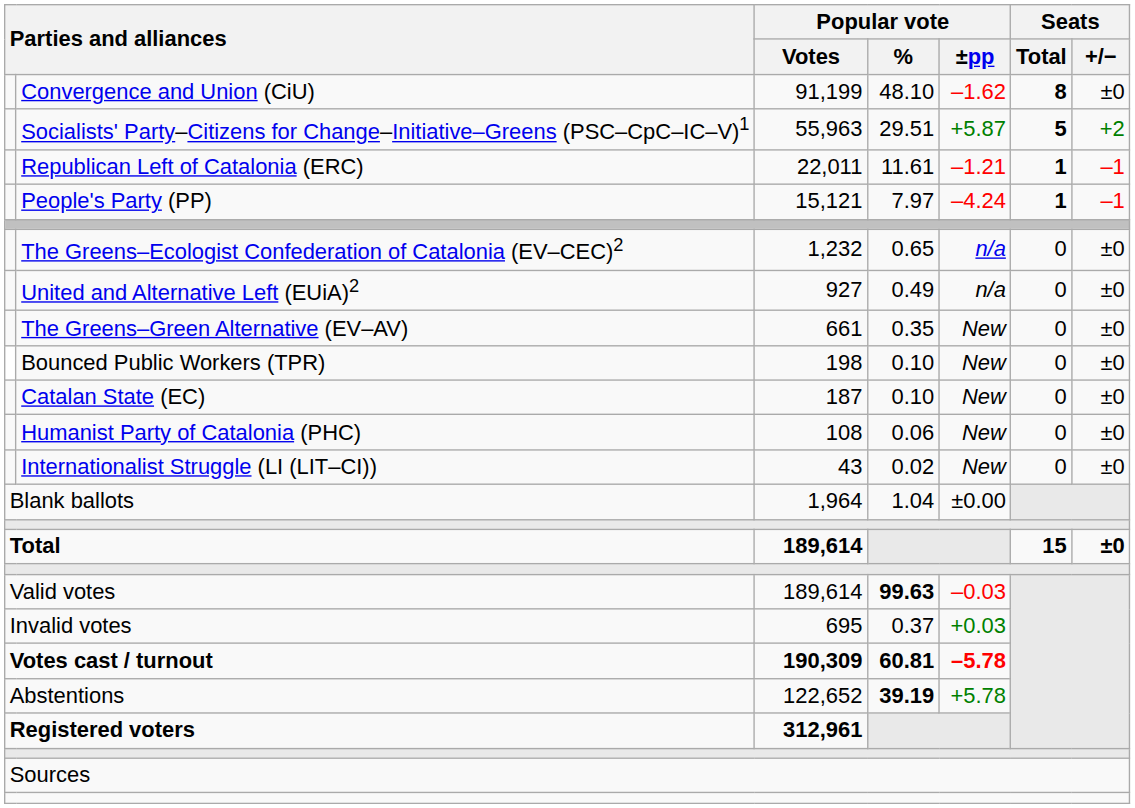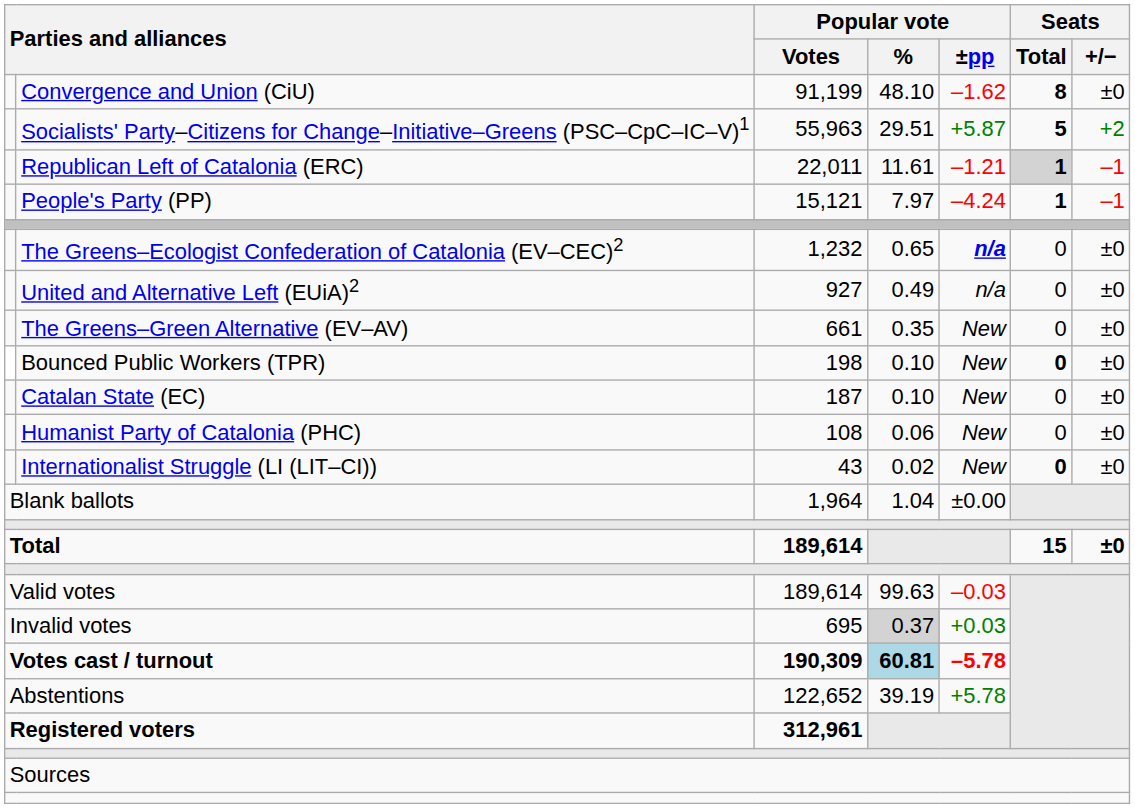 <table class="wikitable" style="text-align:right;">
 <tr>
 <th style="text-align:left;" rowspan="2" colspan="2" width="525">Parties and alliances</th>
 <th colspan="3">Popular vote</th>
 <th colspan="2">Seats</th>
 </tr>
 <tr>
 <th width="75">Votes</th>
 <th width="45">%</th>
 <th width="45">±<a href='#'>pp</a></th>
 <th width="35">Total</th>
 <th width="35">+/−</th>
 </tr>
 <tr>
 <td width="1" style="color:inherit;background:"></td>
 <td align="left"><a href='#'>Convergence and Union</a> (CiU)</td>
 <td>91,199</td>
 <td>48.10</td>
 <td style="color:red;">–1.62</td>
 <td><strong>8</strong></td>
 <td>±0</td>
 </tr>
 <tr>
 <td style="color:inherit;background:"></td>
 <td align="left"><a href='#'>Socialists' Party</a>–<a href='#'>Citizens for Change</a>–<a href='#'>Initiative–Greens</a> (PSC–CpC–IC–V)<sup>1</sup></td>
 <td>55,963</td>
 <td>29.51</td>
 <td style="color:green;">+5.87</td>
 <td><strong>5</strong></td>
 <td style="color:green;">+2</td>
 </tr>
 <tr>
 <td style="color:inherit;background:"></td>
 <td align="left"><a href='#'>Republican Left of Catalonia</a> (ERC)</td>
 <td>22,011</td>
 <td>11.61</td>
 <td style="color:red;">–1.21</td>
-<td><strong>1</strong></td>
+<td style="background: lightgrey;"><strong>1</strong></td>
 <td style="color:red;">–1</td>
 </tr>
 <tr>
 <td style="color:inherit;background:"></td>
 <td align="left"><a href='#'>People's Party</a> (PP)</td>
 <td>15,121</td>
 <td>7.97</td>
 <td style="color:red;">–4.24</td>
 <td><strong>1</strong></td>
 <td style="color:red;">–1</td>
 </tr>
 <tr>
 <td colspan="7" bgcolor="#C0C0C0"></td>
 </tr>
 <tr>
 <td style="color:inherit;background:"></td>
 <td align="left"><a href='#'>The Greens–Ecologist Confederation of Catalonia</a> (EV–CEC)<sup>2</sup></td>
 <td>1,232</td>
 <td>0.65</td>
-<td><em><a href='#'>n/a</a></em></td>
+<td><strong><em><a href='#'>n/a</a></em></strong></td>
 <td>0</td>
 <td>±0</td>
 </tr>
 <tr>
 <td style="color:inherit;background:"></td>
 <td align="left"><a href='#'>United and Alternative Left</a> (EUiA)<sup>2</sup></td>
 <td>927</td>
 <td>0.49</td>
 <td><em>n/a</em></td>
 <td>0</td>
 <td>±0</td>
 </tr>
 <tr>
 <td style="color:inherit;background:"></td>
 <td align="left"><a href='#'>The Greens–Green Alternative</a> (EV–AV)</td>
 <td>661</td>
 <td>0.35</td>
 <td><em>New</em></td>
 <td>0</td>
 <td>±0</td>
 </tr>
 <tr>
 <td bgcolor="white"></td>
 <td align="left">Bounced Public Workers (TPR)</td>
 <td>198</td>
 <td>0.10</td>
 <td><em>New</em></td>
-<td>0</td>
+<td><strong>0</strong></td>
 <td>±0</td>
 </tr>
 <tr>
 <td style="color:inherit;background:"></td>
 <td align="left"><a href='#'>Catalan State</a> (EC)</td>
 <td>187</td>
 <td>0.10</td>
 <td><em>New</em></td>
 <td>0</td>
 <td>±0</td>
 </tr>
 <tr>
 <td style="color:inherit;background:"></td>
 <td align="left"><a href='#'>Humanist Party of Catalonia</a> (PHC)</td>
 <td>108</td>
 <td>0.06</td>
 <td><em>New</em></td>
 <td>0</td>
 <td>±0</td>
 </tr>
 <tr>
 <td style="color:inherit;background:"></td>
 <td align="left"><a href='#'>Internationalist Struggle</a> (LI (LIT–CI))</td>
 <td>43</td>
 <td>0.02</td>
 <td><em>New</em></td>
-<td>0</td>
+<td><strong>0</strong></td>
 <td>±0</td>
 </tr>
 <tr>
 <td align="left" colspan="2">Blank ballots</td>
 <td>1,964</td>
 <td>1.04</td>
 <td>±0.00</td>
 <td bgcolor="#E9E9E9" colspan="2"></td>
 </tr>
 <tr>
 <td colspan="7" bgcolor="#E9E9E9"></td>
 </tr>
 <tr style="font-weight:bold;">
 <td align="left" colspan="2">Total</td>
 <td>189,614</td>
 <td bgcolor="#E9E9E9" colspan="2"></td>
 <td>15</td>
 <td>±0</td>
 </tr>
 <tr>
 <td colspan="7" bgcolor="#E9E9E9"></td>
 </tr>
 <tr>
 <td align="left" colspan="2">Valid votes</td>
 <td>189,614</td>
-<td><strong>99.63</strong></td>
+<td>99.63</td>
 <td style="color:red;">–0.03</td>
 <td bgcolor="#E9E9E9" colspan="2" rowspan="5"></td>
 </tr>
 <tr>
 <td align="left" colspan="2">Invalid votes</td>
 <td>695</td>
-<td>0.37</td>
+<td style="background: lightgrey;">0.37</td>
 <td style="color:green;">+0.03</td>
 </tr>
 <tr style="font-weight:bold;">
 <td align="left" colspan="2">Votes cast / turnout</td>
 <td>190,309</td>
-<td>60.81</td>
+<td style="background: lightblue;">60.81</td>
 <td style="color:red;">–5.78</td>
 </tr>
 <tr>
 <td align="left" colspan="2">Abstentions</td>
 <td>122,652</td>
-<td><strong>39.19</strong></td>
+<td>39.19</td>
 <td style="color:green;">+5.78</td>
 </tr>
 <tr style="font-weight:bold;">
 <td align="left" colspan="2">Registered voters</td>
 <td>312,961</td>
 <td bgcolor="#E9E9E9" colspan="2"></td>
 </tr>
 <tr>
 <td colspan="7" bgcolor="#E9E9E9"></td>
 </tr>
 <tr>
 <td align="left" colspan="7">Sources</td>
 </tr>
 <tr>
 <td colspan="7" style="text-align:left; max-width:790px;"></td>
 </tr>
 </table>
